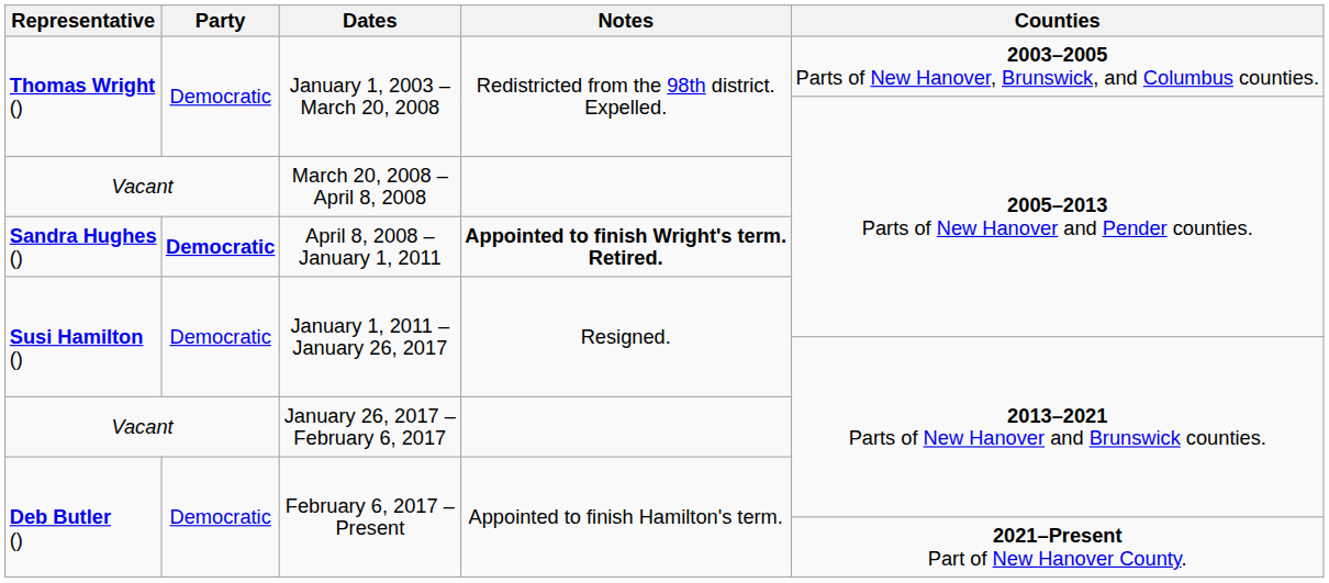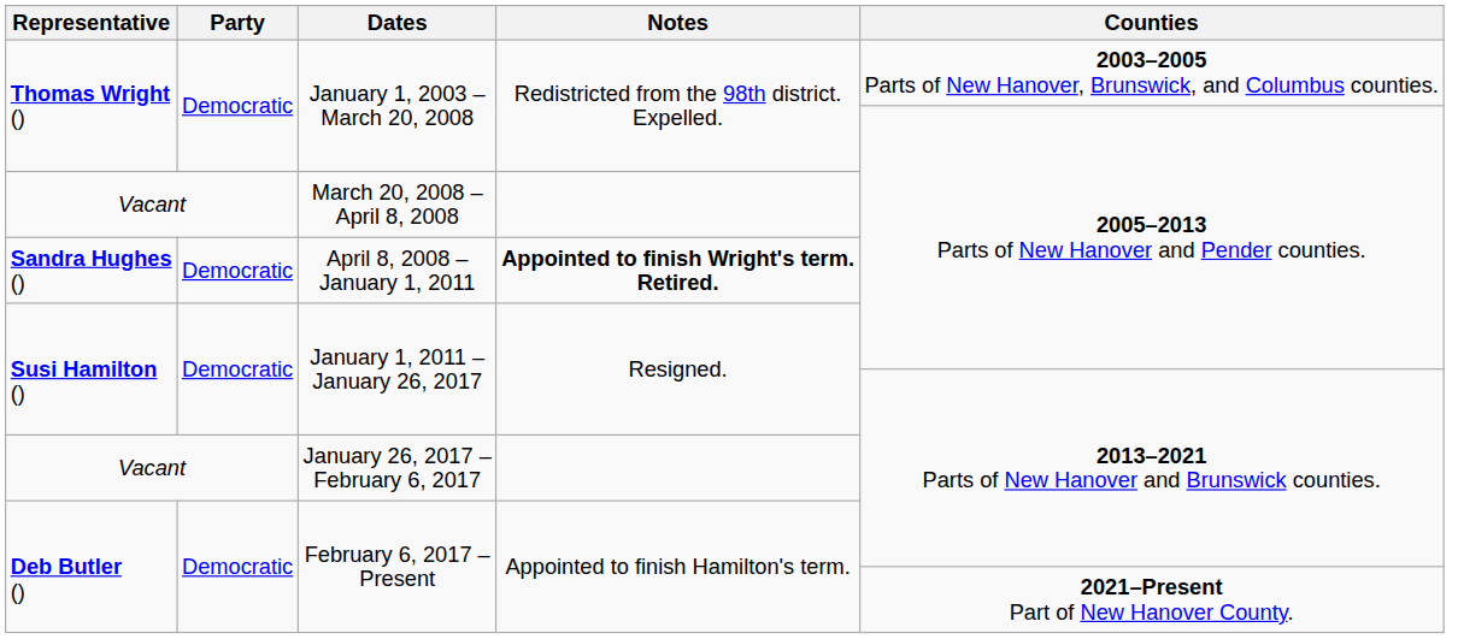 <table class=wikitable style="text-align:center">
 <tr>
 <th>Representative</th>
 <th>Party</th>
 <th>Dates</th>
 <th>Notes</th>
 <th>Counties</th>
 </tr>
 <tr style="height:3em">
 <td rowspan=2 align=left><strong><a href='#'>Thomas Wright</a></strong><br>()</td>
 <td rowspan=2 ><a href='#'>Democratic</a></td>
 <td rowspan=2 nowrap>January 1, 2003 – <br> March 20, 2008</td>
 <td rowspan=2>Redistricted from the <a href='#'>98th</a> district. <br> Expelled.</td>
 <td><strong>2003–2005</strong> <br> Parts of <a href='#'>New Hanover</a>, <a href='#'>Brunswick</a>, and <a href='#'>Columbus</a> counties.</td>
 </tr>
 <tr style="height:3em">
 <td rowspan=4><strong>2005–2013</strong> <br> Parts of <a href='#'>New Hanover</a> and <a href='#'>Pender</a> counties.</td>
 </tr>
 <tr style="height:3em">
 <td colspan=2><em>Vacant</em></td>
 <td nowrap>March 20, 2008 – <br> April 8, 2008</td>
 <td></td>
 </tr>
 <tr style="height:3em">
 <td align=left><strong><a href='#'>Sandra Hughes</a></strong><br>()</td>
-<td><strong><a href='#'>Democratic</a></strong></td>
+<td><a href='#'>Democratic</a></td>
 <td nowrap>April 8, 2008 – <br> January 1, 2011</td>
 <td><strong>Appointed to finish Wright's term. <br> Retired.</strong></td>
 </tr>
 <tr style="height:3em">
 <td rowspan=2 align=left><br><strong><a href='#'>Susi Hamilton</a></strong><br>()</td>
 <td rowspan=2 ><a href='#'>Democratic</a></td>
 <td rowspan=2 nowrap>January 1, 2011 – <br> January 26, 2017</td>
 <td rowspan=2>Resigned.</td>
 </tr>
 <tr style="height:3em">
 <td rowspan=3><strong>2013–2021</strong> <br> Parts of <a href='#'>New Hanover</a> and <a href='#'>Brunswick</a> counties.</td>
 </tr>
 <tr style="height:3em">
 <td colspan=2><em>Vacant</em></td>
 <td nowrap>January 26, 2017 – <br> February 6, 2017</td>
 <td></td>
 </tr>
 <tr style="height:3em">
 <td rowspan=2 align=left><br><strong><a href='#'>Deb Butler</a></strong><br>()</td>
 <td rowspan=2 ><a href='#'>Democratic</a></td>
 <td rowspan=2 nowrap>February 6, 2017 – <br> Present</td>
 <td rowspan=2>Appointed to finish Hamilton's term.</td>
 </tr>
 <tr style="height:3em">
 <td><strong>2021–Present</strong> <br> Part of <a href='#'>New Hanover County</a>.</td>
 </tr>
 </table>
